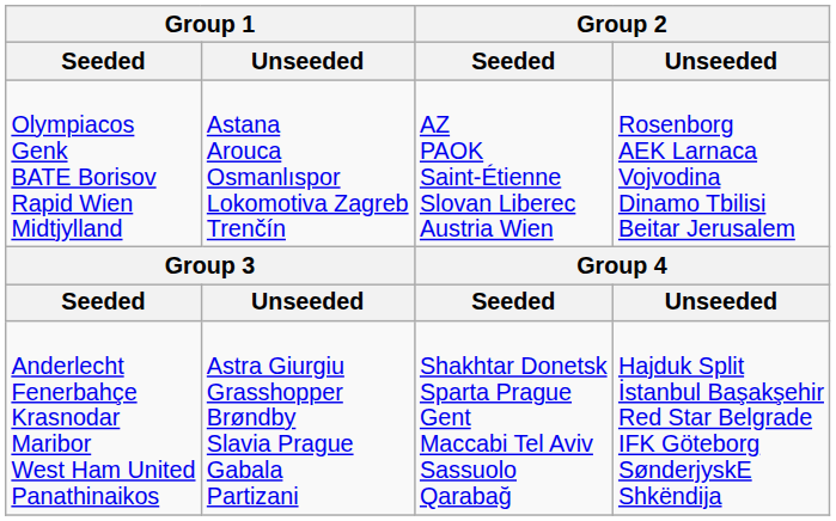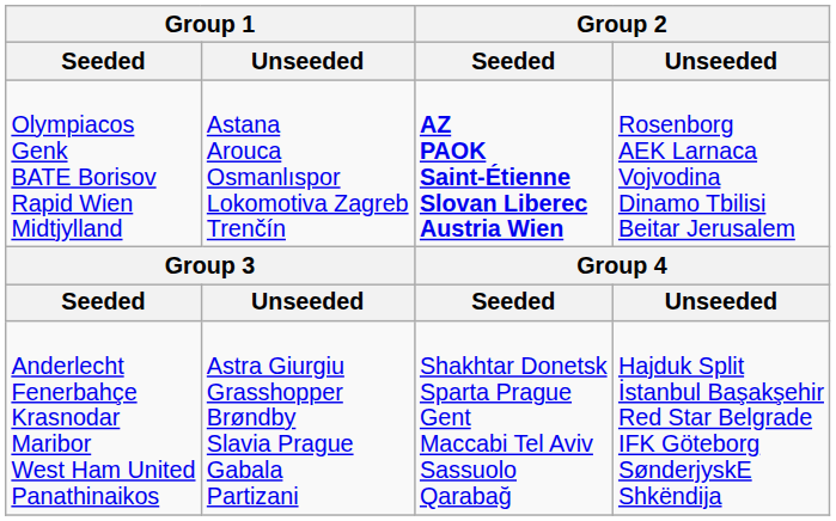 <table class="wikitable" style="font-size:85%">
 <tr>
 <th colspan=2>Group 1</th>
 <th colspan=2>Group 2</th>
 </tr>
 <tr>
 <th>Seeded</th>
 <th>Unseeded</th>
 <th>Seeded</th>
 <th>Unseeded</th>
 </tr>
 <tr>
 <td valign=top><br> <a href='#'>Olympiacos</a> <br>  <a href='#'>Genk</a> <br>  <a href='#'>BATE Borisov</a> <br>  <a href='#'>Rapid Wien</a> <br>  <a href='#'>Midtjylland</a> </td>
 <td valign=top><br> <a href='#'>Astana</a> <br>  <a href='#'>Arouca</a> <br>  <a href='#'>Osmanlıspor</a> <br>  <a href='#'>Lokomotiva Zagreb</a> <br>  <a href='#'>Trenčín</a> </td>
-<td valign=top><br> <a href='#'>AZ</a> <br>  <a href='#'>PAOK</a> <br>  <a href='#'>Saint-Étienne</a> <br>  <a href='#'>Slovan Liberec</a> <br>  <a href='#'>Austria Wien</a> </td>
+<td valign=top><strong><br> <a href='#'>AZ</a> <br>  <a href='#'>PAOK</a> <br>  <a href='#'>Saint-Étienne</a> <br>  <a href='#'>Slovan Liberec</a> <br>  <a href='#'>Austria Wien</a> </strong></td>
 <td valign=top><br> <a href='#'>Rosenborg</a> <br>  <a href='#'>AEK Larnaca</a> <br>  <a href='#'>Vojvodina</a> <br>  <a href='#'>Dinamo Tbilisi</a> <br>  <a href='#'>Beitar Jerusalem</a> </td>
 </tr>
 <tr>
 <th colspan=2>Group 3</th>
 <th colspan=2>Group 4</th>
 </tr>
 <tr>
 <th>Seeded</th>
 <th>Unseeded</th>
 <th>Seeded</th>
 <th>Unseeded</th>
 </tr>
 <tr>
 <td valign=top><br> <a href='#'>Anderlecht</a> <br>  <a href='#'>Fenerbahçe</a> <br>  <a href='#'>Krasnodar</a> <br>  <a href='#'>Maribor</a> <br>  <a href='#'>West Ham United</a> <br>  <a href='#'>Panathinaikos</a> </td>
 <td valign=top><br> <a href='#'>Astra Giurgiu</a> <br>  <a href='#'>Grasshopper</a> <br>  <a href='#'>Brøndby</a> <br>  <a href='#'>Slavia Prague</a> <br>  <a href='#'>Gabala</a> <br>  <a href='#'>Partizani</a> </td>
 <td valign=top><br> <a href='#'>Shakhtar Donetsk</a> <br>  <a href='#'>Sparta Prague</a> <br>  <a href='#'>Gent</a> <br>  <a href='#'>Maccabi Tel Aviv</a> <br>  <a href='#'>Sassuolo</a> <br>  <a href='#'>Qarabağ</a> </td>
 <td valign=top><br> <a href='#'>Hajduk Split</a> <br>  <a href='#'>İstanbul Başakşehir</a> <br>  <a href='#'>Red Star Belgrade</a> <br>  <a href='#'>IFK Göteborg</a> <br>  <a href='#'>SønderjyskE</a> <br>  <a href='#'>Shkëndija</a> </td>
 </tr>
 </table>
